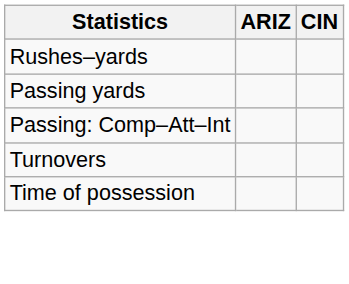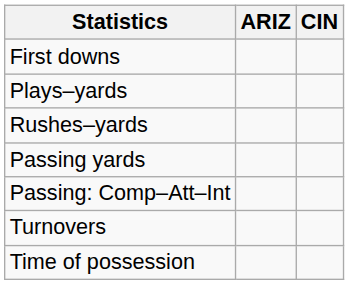 <table class="wikitable" style="float:left">
 <tr>
 <th>Statistics</th>
 <th>ARIZ</th>
 <th>CIN</th>
+</tr>
+<tr>
+<td>First downs</td>
+<td></td>
+<td></td>
+</tr>
+<tr>
+<td>Plays–yards</td>
+<td></td>
+<td></td>
 </tr>
 <tr>
 <td>Rushes–yards</td>
 <td></td>
 <td></td>
 </tr>
 <tr>
 <td>Passing yards</td>
 <td></td>
 <td></td>
 </tr>
 <tr>
 <td>Passing: Comp–Att–Int</td>
 <td></td>
 <td></td>
 </tr>
 <tr>
 <td>Turnovers</td>
 <td></td>
 <td></td>
 </tr>
 <tr>
 <td>Time of possession</td>
 <td></td>
 <td></td>
 </tr>
 </table>
